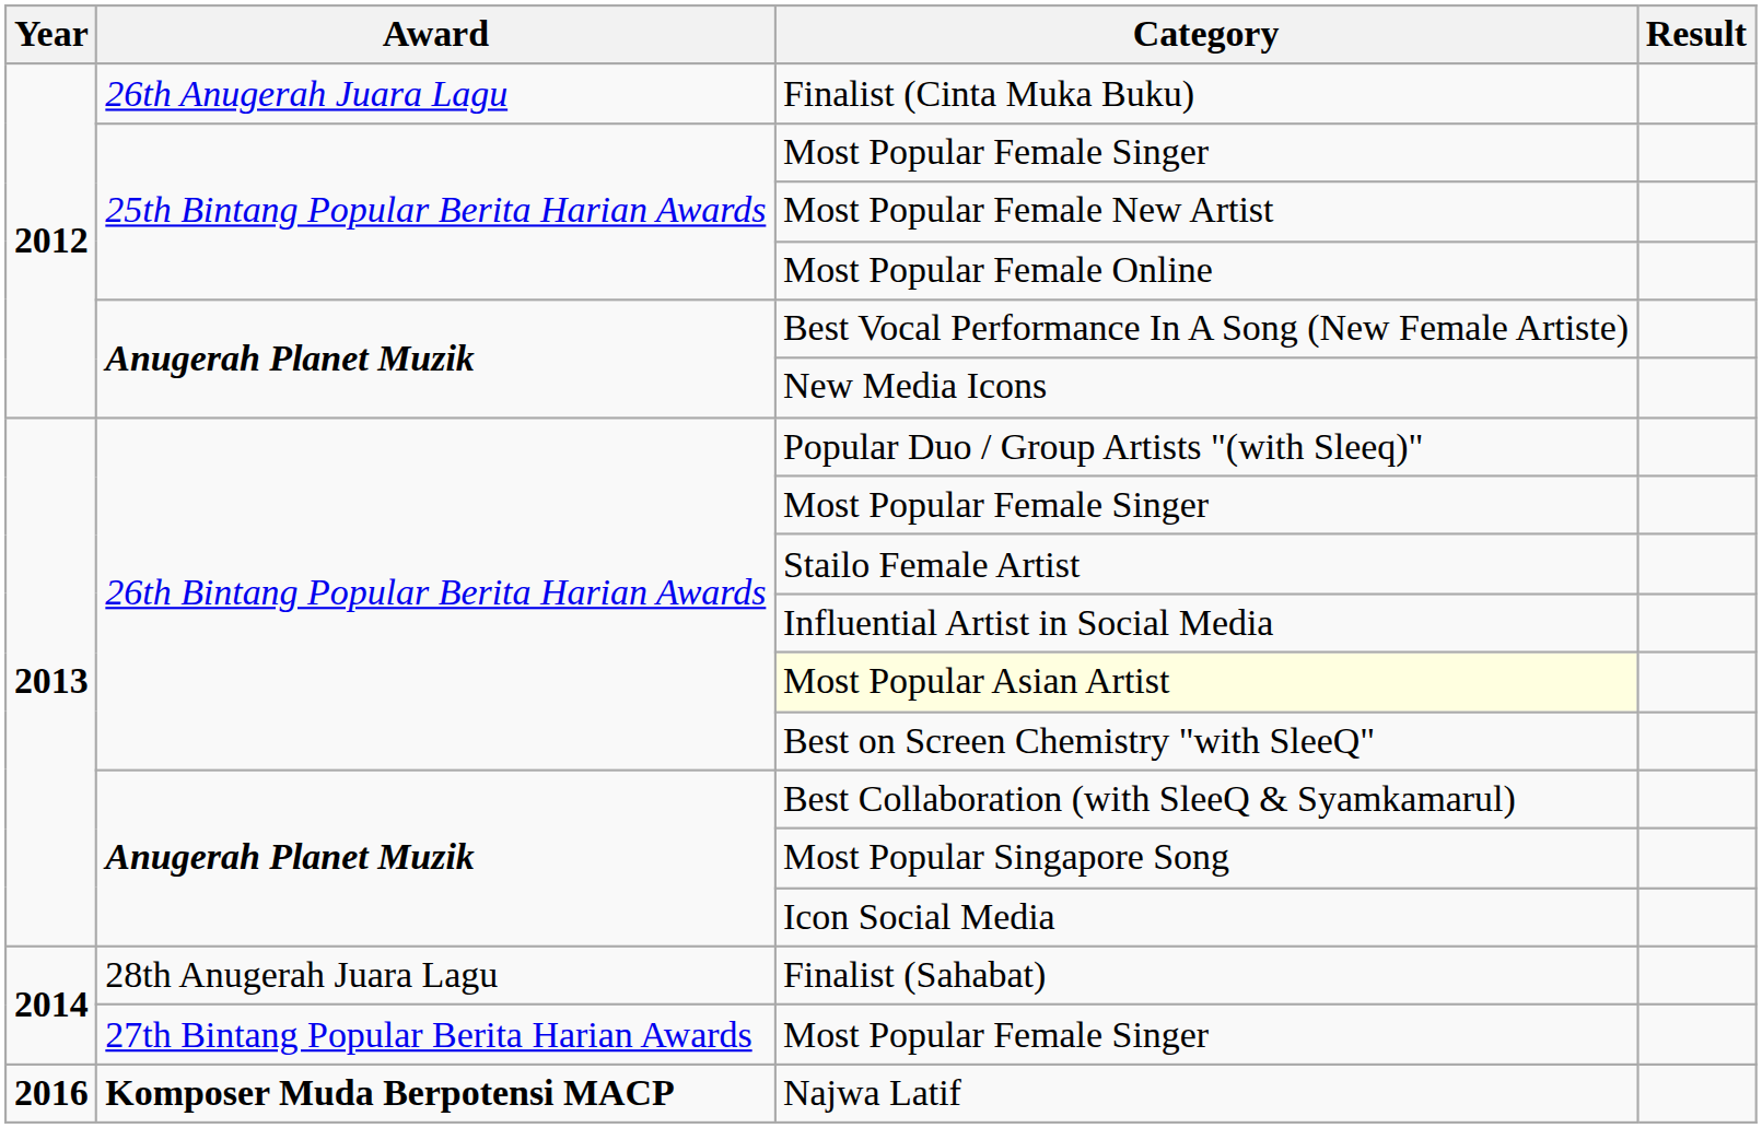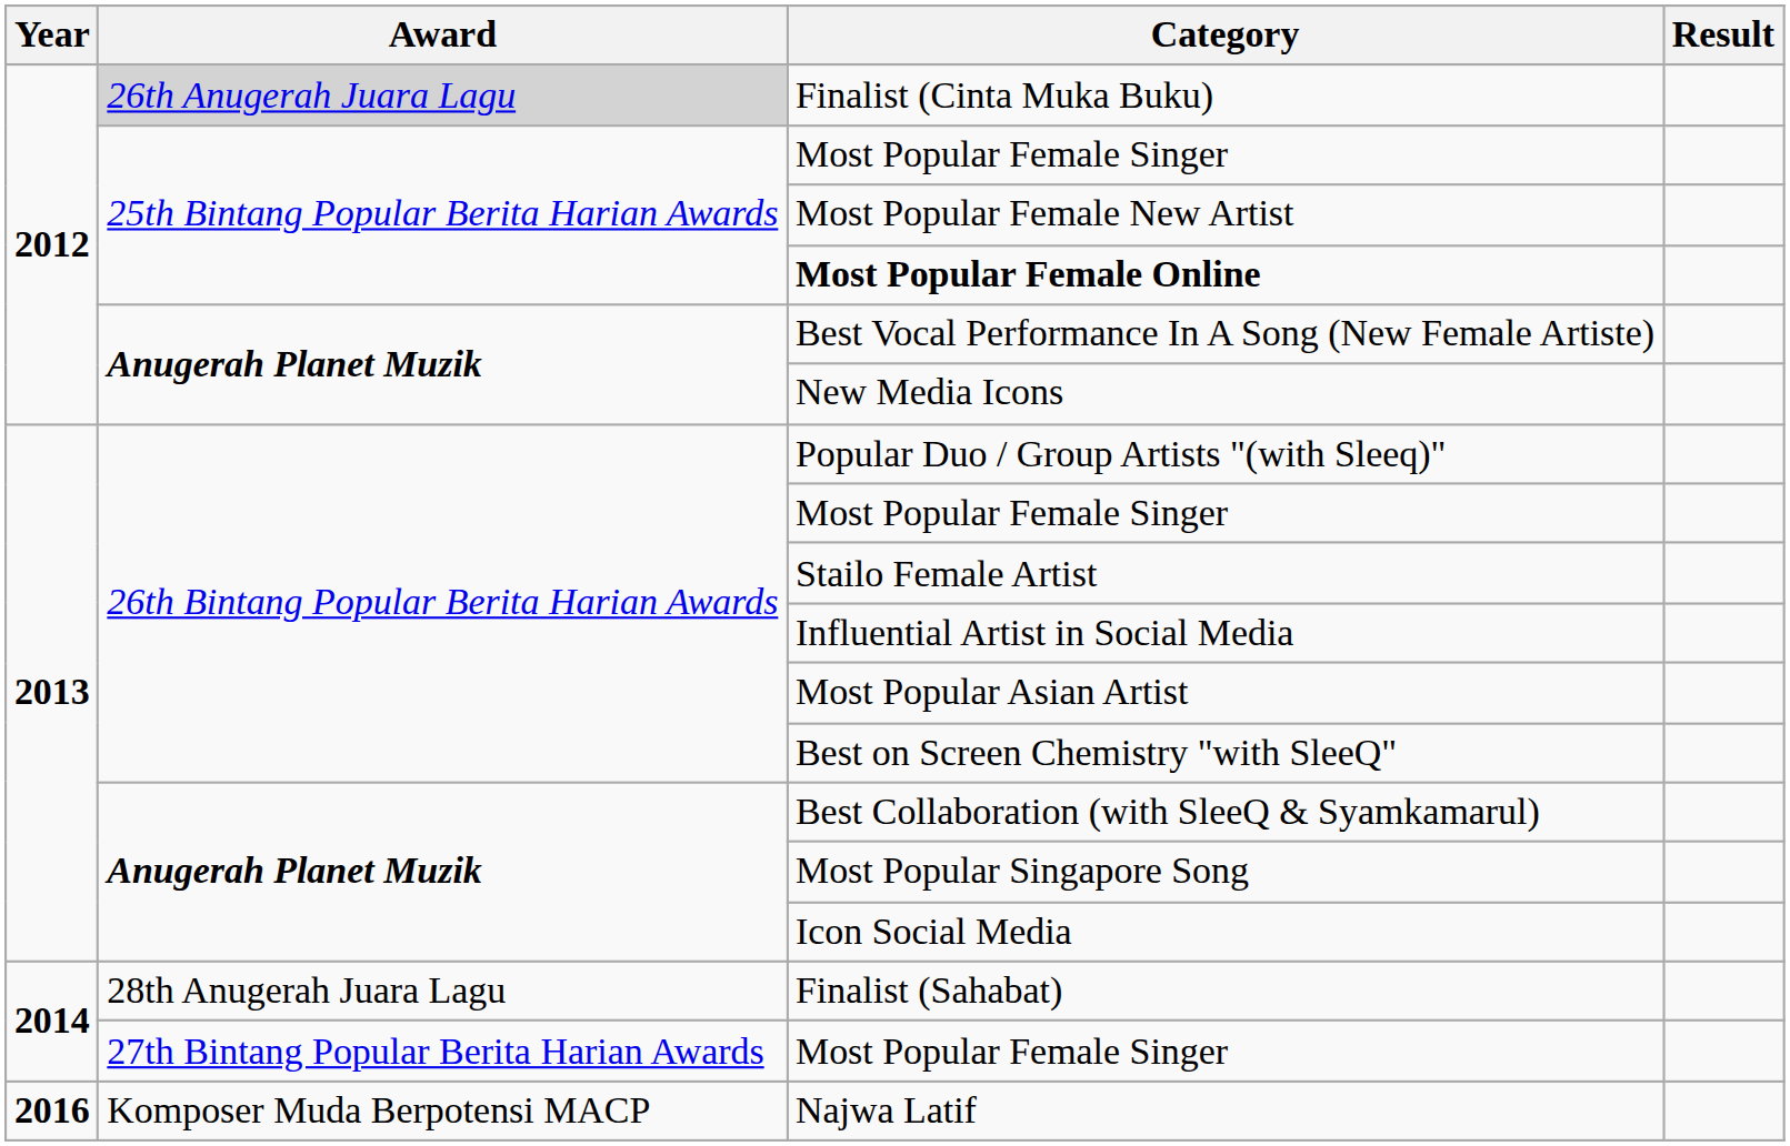 <table class="wikitable">
 <tr>
 <th><strong>Year</strong></th>
 <th><strong>Award</strong></th>
 <th><strong>Category</strong></th>
 <th><strong>Result</strong></th>
 </tr>
 <tr>
 <td rowspan=6 align="center"><strong>2012</strong></td>
-<td><em><a href='#'>26th Anugerah Juara Lagu</a></em></td>
+<td style="background: lightgrey;"><em><a href='#'>26th Anugerah Juara Lagu</a></em></td>
 <td>Finalist (Cinta Muka Buku)</td>
 <td></td>
 </tr>
 <tr>
 <td rowspan="3"><em><a href='#'>25th Bintang Popular Berita Harian Awards</a></em></td>
 <td>Most Popular Female Singer</td>
 <td></td>
 </tr>
 <tr>
 <td>Most Popular Female New Artist</td>
 <td></td>
 </tr>
 <tr>
-<td>Most Popular Female Online</td>
+<td><strong>Most Popular Female Online</strong></td>
 <td></td>
 </tr>
 <tr>
 <td rowspan="2"><strong><em>Anugerah Planet Muzik</em></strong></td>
 <td>Best Vocal Performance In A Song (New Female Artiste)</td>
 <td></td>
 </tr>
 <tr>
 <td>New Media Icons</td>
 <td></td>
 </tr>
 <tr>
 <td rowspan=9 align="center"><strong>2013</strong></td>
 <td rowspan=6><em><a href='#'>26th Bintang Popular Berita Harian Awards</a></em></td>
 <td>Popular Duo / Group Artists "(with Sleeq)"</td>
 <td></td>
 </tr>
 <tr>
 <td>Most Popular Female Singer</td>
 <td></td>
 </tr>
 <tr>
 <td>Stailo Female Artist</td>
 <td></td>
 </tr>
 <tr>
 <td>Influential Artist in Social Media</td>
 <td></td>
 </tr>
 <tr>
-<td style="background: lightyellow;">Most Popular Asian Artist</td>
+<td>Most Popular Asian Artist</td>
 <td></td>
 </tr>
 <tr>
 <td>Best on Screen Chemistry "with SleeQ"</td>
 <td></td>
 </tr>
 <tr>
 <td rowspan="3"><strong><em>Anugerah Planet Muzik</em></strong></td>
 <td>Best Collaboration (with SleeQ & Syamkamarul)</td>
 <td></td>
 </tr>
 <tr>
 <td>Most Popular Singapore Song</td>
 <td></td>
 </tr>
 <tr>
 <td>Icon Social Media</td>
 <td></td>
 </tr>
 <tr>
 <td rowspan=2 align="center"><strong>2014</strong></td>
 <td>28th Anugerah Juara Lagu</td>
 <td>Finalist (Sahabat)</td>
 <td></td>
 </tr>
 <tr>
 <td><a href='#'>27th Bintang Popular Berita Harian Awards</a></td>
 <td>Most Popular Female Singer</td>
 <td></td>
 </tr>
 <tr>
 <td rowspan=2 align="center"><strong>2016</strong></td>
-<td><strong>Komposer Muda Berpotensi MACP</strong></td>
+<td>Komposer Muda Berpotensi MACP</td>
 <td>Najwa Latif</td>
 <td></td>
 </tr>
 </table>
